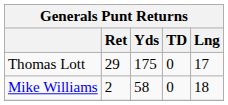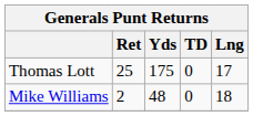 <table class="wikitable">
 <tr>
 <th colspan="5">Generals Punt Returns</th>
 </tr>
 <tr>
 <th></th>
 <th>Ret</th>
 <th>Yds</th>
 <th>TD</th>
 <th>Lng</th>
 </tr>
 <tr>
 <td>Thomas Lott</td>
-<td>29</td>
+<td>25</td>
 <td>175</td>
 <td>0</td>
 <td>17</td>
 </tr>
 <tr>
 <td><a href='#'>Mike Williams</a></td>
 <td>2</td>
-<td>58</td>
+<td>48</td>
 <td>0</td>
 <td>18</td>
 </tr>
 <tr>
 </tr>
 </table>
